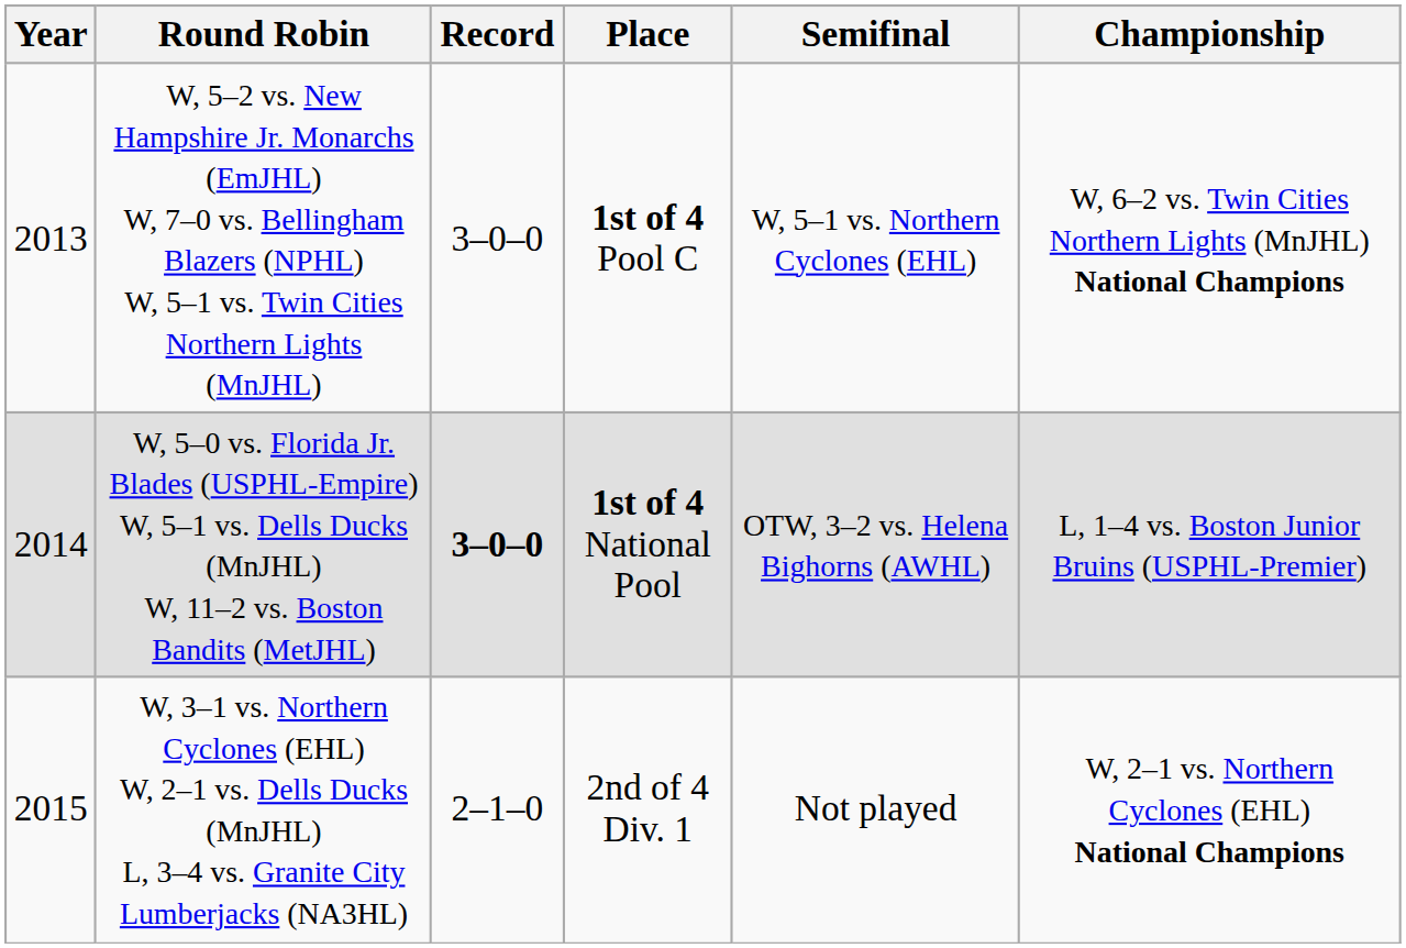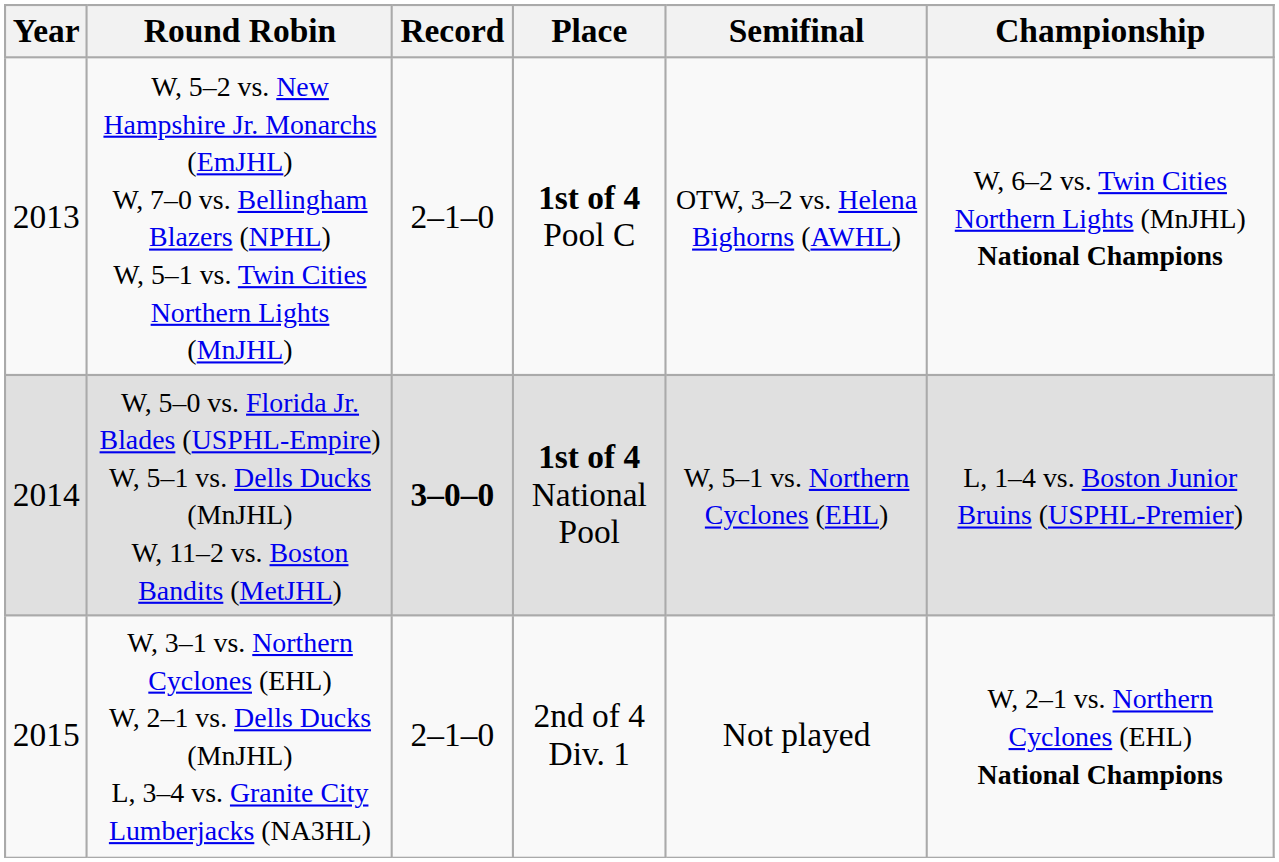 <table class="wikitable"  style="text-align:center">
 <tr>
 <th>Year</th>
 <th>Round Robin</th>
 <th>Record</th>
 <th>Place</th>
 <th>Semifinal</th>
 <th>Championship</th>
 </tr>
 <tr>
 <td>2013</td>
 <td><small>W, 5–2 vs. <a href='#'>New Hampshire Jr. Monarchs</a> (<a href='#'>EmJHL</a>)<br>W, 7–0 vs. <a href='#'>Bellingham Blazers</a> (<a href='#'>NPHL</a>)<br>W, 5–1 vs. <a href='#'>Twin Cities Northern Lights</a> (<a href='#'>MnJHL</a>)</small></td>
-<td>3–0–0</td>
+<td>2–1–0</td>
 <td><strong>1st of 4</strong><br>Pool C</td>
-<td><small>W, 5–1 vs. <a href='#'>Northern Cyclones</a> (<a href='#'>EHL</a>)</small></td>
+<td><small>OTW, 3–2 vs. <a href='#'>Helena Bighorns</a> (<a href='#'>AWHL</a>)</small></td>
 <td><small>W, 6–2 vs. <a href='#'>Twin Cities Northern Lights</a> (MnJHL)<br><strong>National Champions</strong></small></td>
 </tr>
 <tr bgcolor=e0e0e0>
 <td>2014</td>
 <td><small>W, 5–0 vs. <a href='#'>Florida Jr. Blades</a> (<a href='#'>USPHL-Empire</a>)<br>W, 5–1 vs. <a href='#'>Dells Ducks</a> (MnJHL)<br>W, 11–2 vs. <a href='#'>Boston Bandits</a> (<a href='#'>MetJHL</a>)</small></td>
 <td><strong>3–0–0</strong></td>
 <td><strong>1st of 4</strong><br>National Pool</td>
-<td><small>OTW, 3–2 vs. <a href='#'>Helena Bighorns</a> (<a href='#'>AWHL</a>)</small></td>
+<td><small>W, 5–1 vs. <a href='#'>Northern Cyclones</a> (<a href='#'>EHL</a>)</small></td>
 <td><small>L, 1–4 vs. <a href='#'>Boston Junior Bruins</a> (<a href='#'>USPHL-Premier</a>)</small></td>
 </tr>
 <tr>
 <td>2015</td>
 <td><small>W, 3–1 vs. <a href='#'>Northern Cyclones</a> (EHL)<br>W, 2–1 vs. <a href='#'>Dells Ducks</a> (MnJHL)<br>L, 3–4 vs. <a href='#'>Granite City Lumberjacks</a> (NA3HL)</small></td>
 <td>2–1–0</td>
 <td>2nd of 4<br>Div. 1</td>
 <td>Not played</td>
 <td><small>W, 2–1 vs. <a href='#'>Northern Cyclones</a> (EHL)<br><strong>National Champions</strong></small></td>
 </tr>
 </table>
